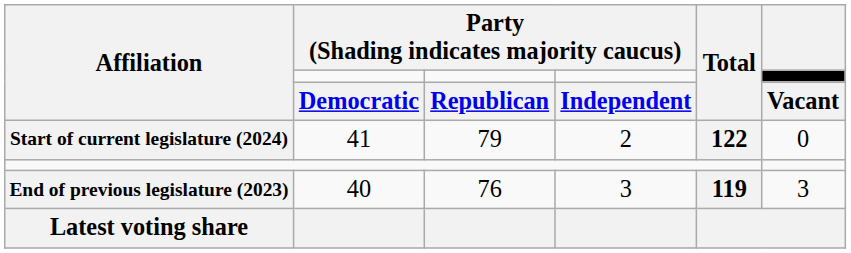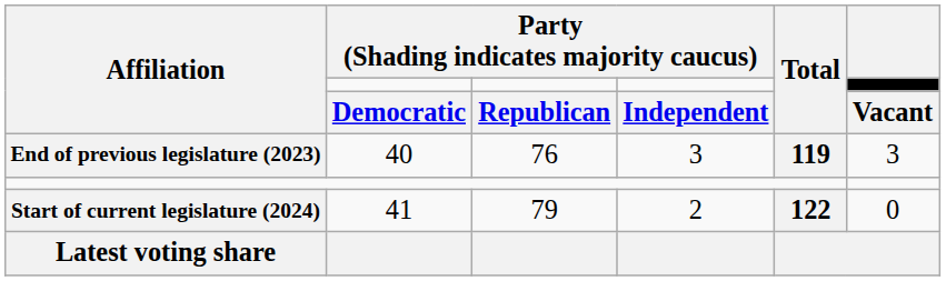 <table class="wikitable" style="text-align:center">
 <tr>
 <th rowspan="3">Affiliation</th>
 <th colspan="3">Party<div>(Shading indicates majority caucus)</div></th>
 <th rowspan="3">Total</th>
 <th></th>
 </tr>
 <tr style="height:5px">
 <td style="background-color:"></td>
 <td style="background-color:"></td>
 <td style="background-color:"></td>
 <td style="background: black"></td>
 </tr>
 <tr>
 <th><a href='#'>Democratic</a></th>
 <th><a href='#'>Republican</a></th>
 <th><a href='#'>Independent</a></th>
 <th>Vacant</th>
 </tr>
 <tr>
+<th nowrap="" style="font-size:80%">End of previous legislature (2023)</th>
+<td>40</td>
+<td>76</td>
+<td>3</td>
+<th>119</th>
+<td>3</td>
+</tr>
+<tr>
+<td colspan="5"></td>
+</tr>
+<tr>
 <th nowrap="" style="font-size:80%">Start of current legislature (2024)</th>
 <td>41</td>
 <td>79</td>
 <td>2</td>
 <th>122</th>
 <td>0</td>
-</tr>
-<tr>
-<td colspan="5"></td>
-</tr>
-<tr>
-<th nowrap="" style="font-size:80%">End of previous legislature (2023)</th>
-<td>40</td>
-<td>76</td>
-<td>3</td>
-<th>119</th>
-<td>3</td>
 </tr>
 <tr>
 <th>Latest voting share</th>
 <th></th>
 <th></th>
 <th></th>
 <th colspan="2"></th>
 </tr>
 </table>
